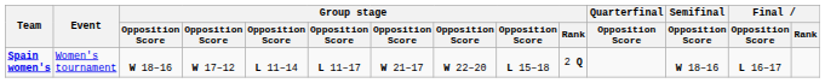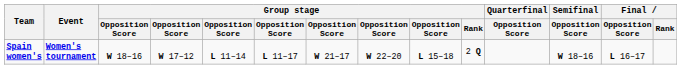 <table class=wikitable style=font-size:90%;text-align:center>
 <tr>
 <th rowspan=2>Team</th>
 <th rowspan=2>Event</th>
 <th colspan=8>Group stage</th>
 <th>Quarterfinal</th>
 <th>Semifinal</th>
 <th colspan=2>Final / </th>
 </tr>
 <tr style=font-size:95%>
 <th>Opposition<br>Score</th>
 <th>Opposition<br>Score</th>
 <th>Opposition<br>Score</th>
 <th>Opposition<br>Score</th>
 <th>Opposition<br>Score</th>
 <th>Opposition<br>Score</th>
 <th>Opposition<br>Score</th>
 <th>Rank</th>
 <th>Opposition<br>Score</th>
 <th>Opposition<br>Score</th>
 <th>Opposition<br>Score</th>
 <th>Rank</th>
 </tr>
 <tr>
 <td align=left><strong><a href='#'>Spain women's</a></strong></td>
-<td align=left><a href='#'>Women's tournament</a></td>
+<td align=left><strong><a href='#'>Women's tournament</a></strong></td>
 <td><br><strong>W</strong> 18–16</td>
 <td><br><strong>W</strong> 17–12</td>
 <td><br><strong>L</strong> 11–14</td>
 <td><br><strong>L</strong> 11–17</td>
 <td><br><strong>W</strong> 21–17</td>
 <td><br><strong>W</strong> 22–20</td>
 <td><br><strong>L</strong> 15–18</td>
 <td>2 <strong>Q</strong></td>
 <td></td>
 <td><br><strong>W</strong> 18–16</td>
 <td><br><strong>L</strong> 16–17</td>
 <td></td>
 </tr>
 </table>
